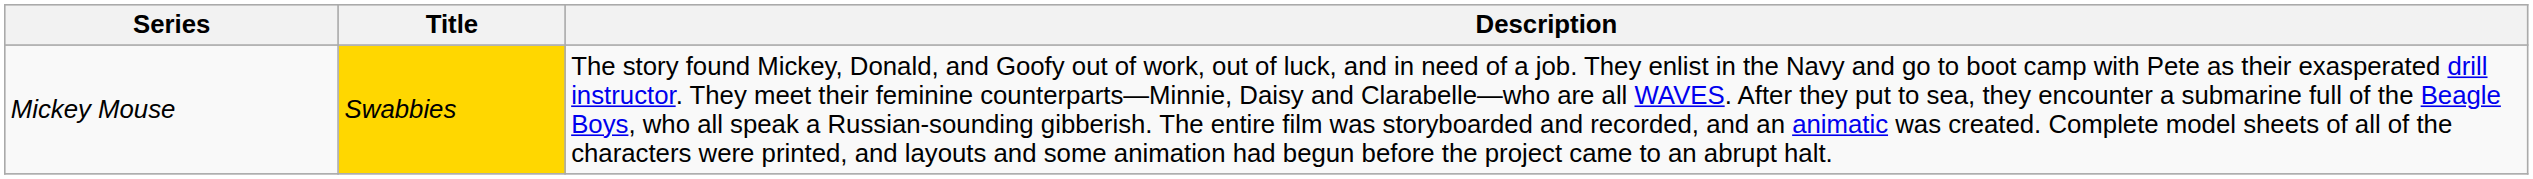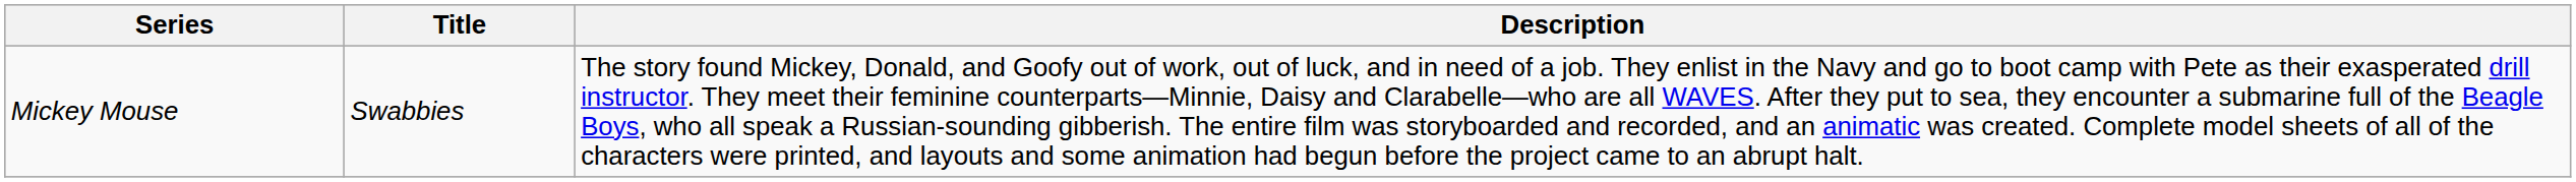 <table class="wikitable">
 <tr>
 <th style="width:150pt;">Series</th>
 <th style="width:100pt;">Title</th>
 <th>Description</th>
 </tr>
 <tr>
 <td><em>Mickey Mouse</em></td>
-<td style="background: gold;"><em>Swabbies</em></td>
+<td><em>Swabbies</em></td>
 <td>The story found Mickey, Donald, and Goofy out of work, out of luck, and in need of a job. They enlist in the Navy and go to boot camp with Pete as their exasperated <a href='#'>drill instructor</a>. They meet their feminine counterparts—Minnie, Daisy and Clarabelle—who are all <a href='#'>WAVES</a>. After they put to sea, they encounter a submarine full of the <a href='#'>Beagle Boys</a>, who all speak a Russian-sounding gibberish. The entire film was storyboarded and recorded, and an <a href='#'>animatic</a> was created. Complete model sheets of all of the characters were printed, and layouts and some animation had begun before the project came to an abrupt halt.</td>
 </tr>
 </table>
